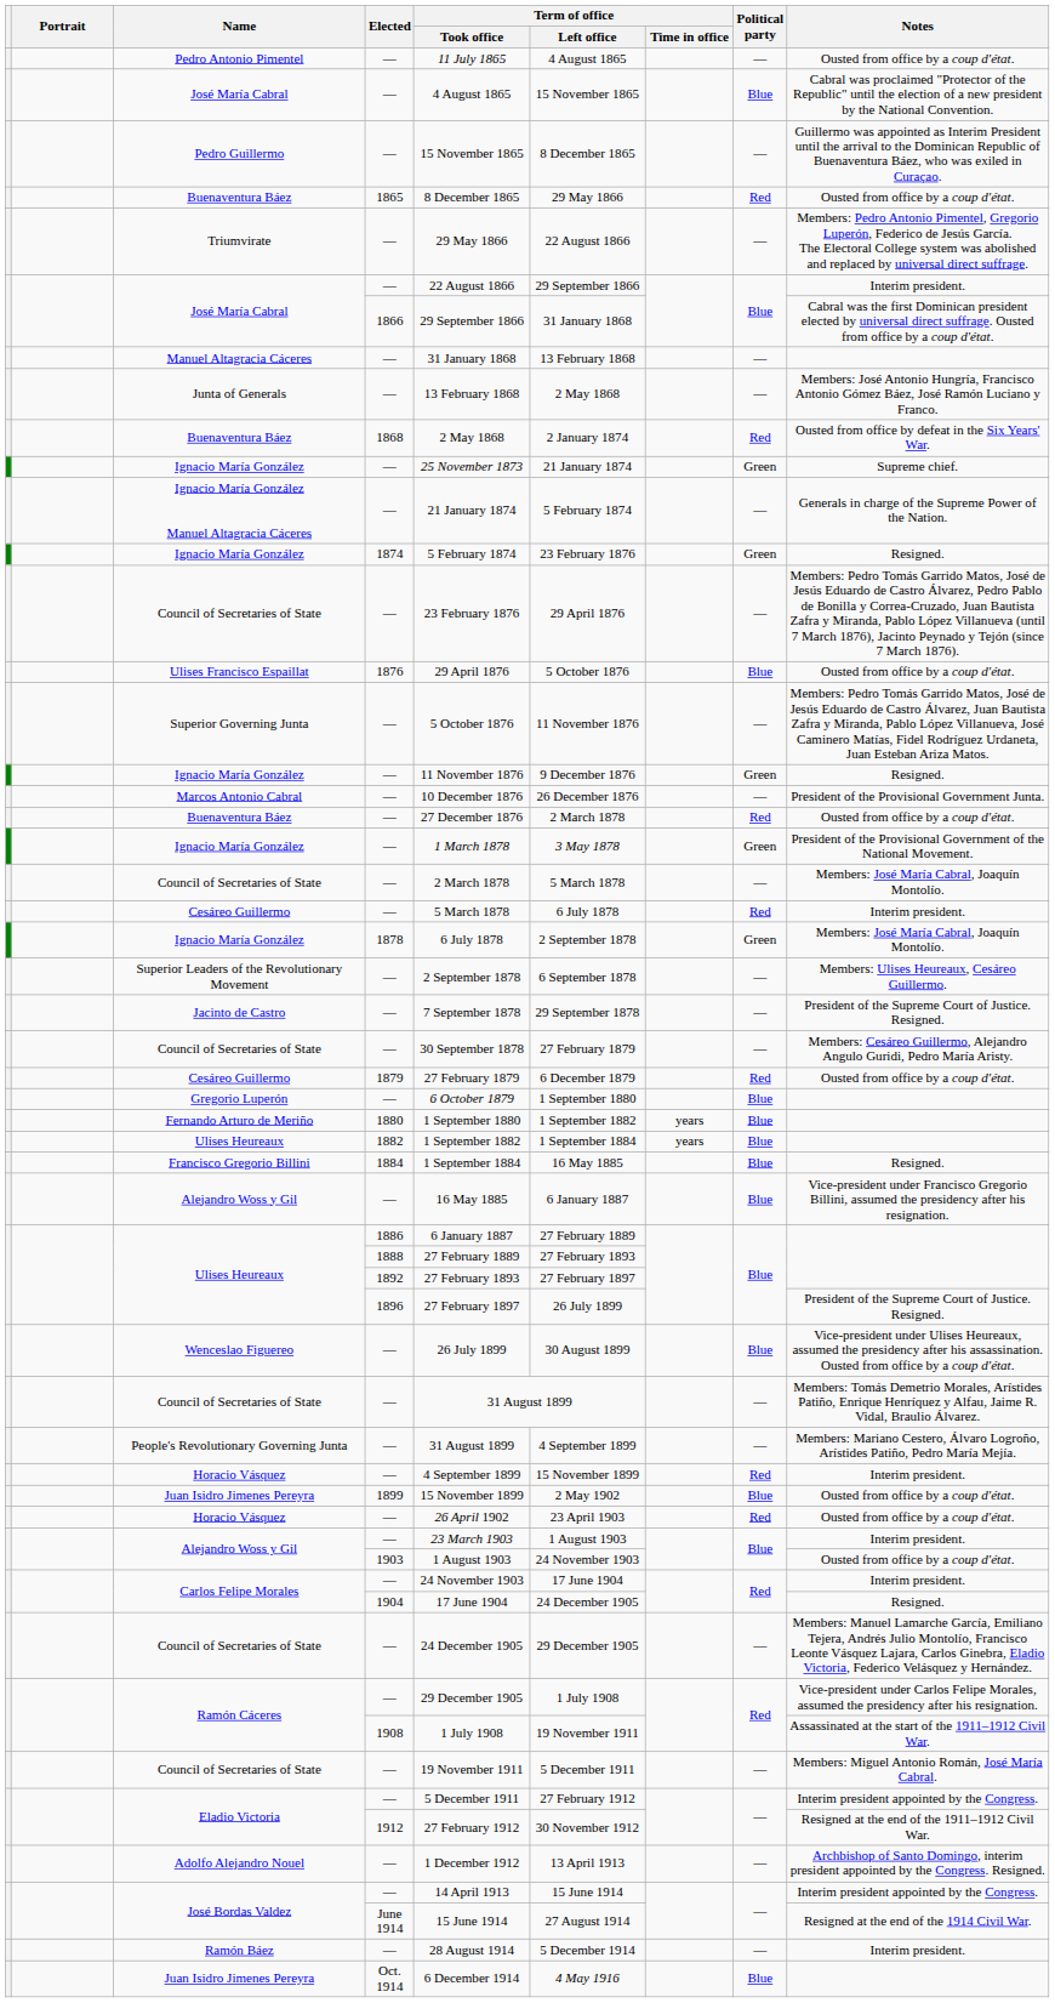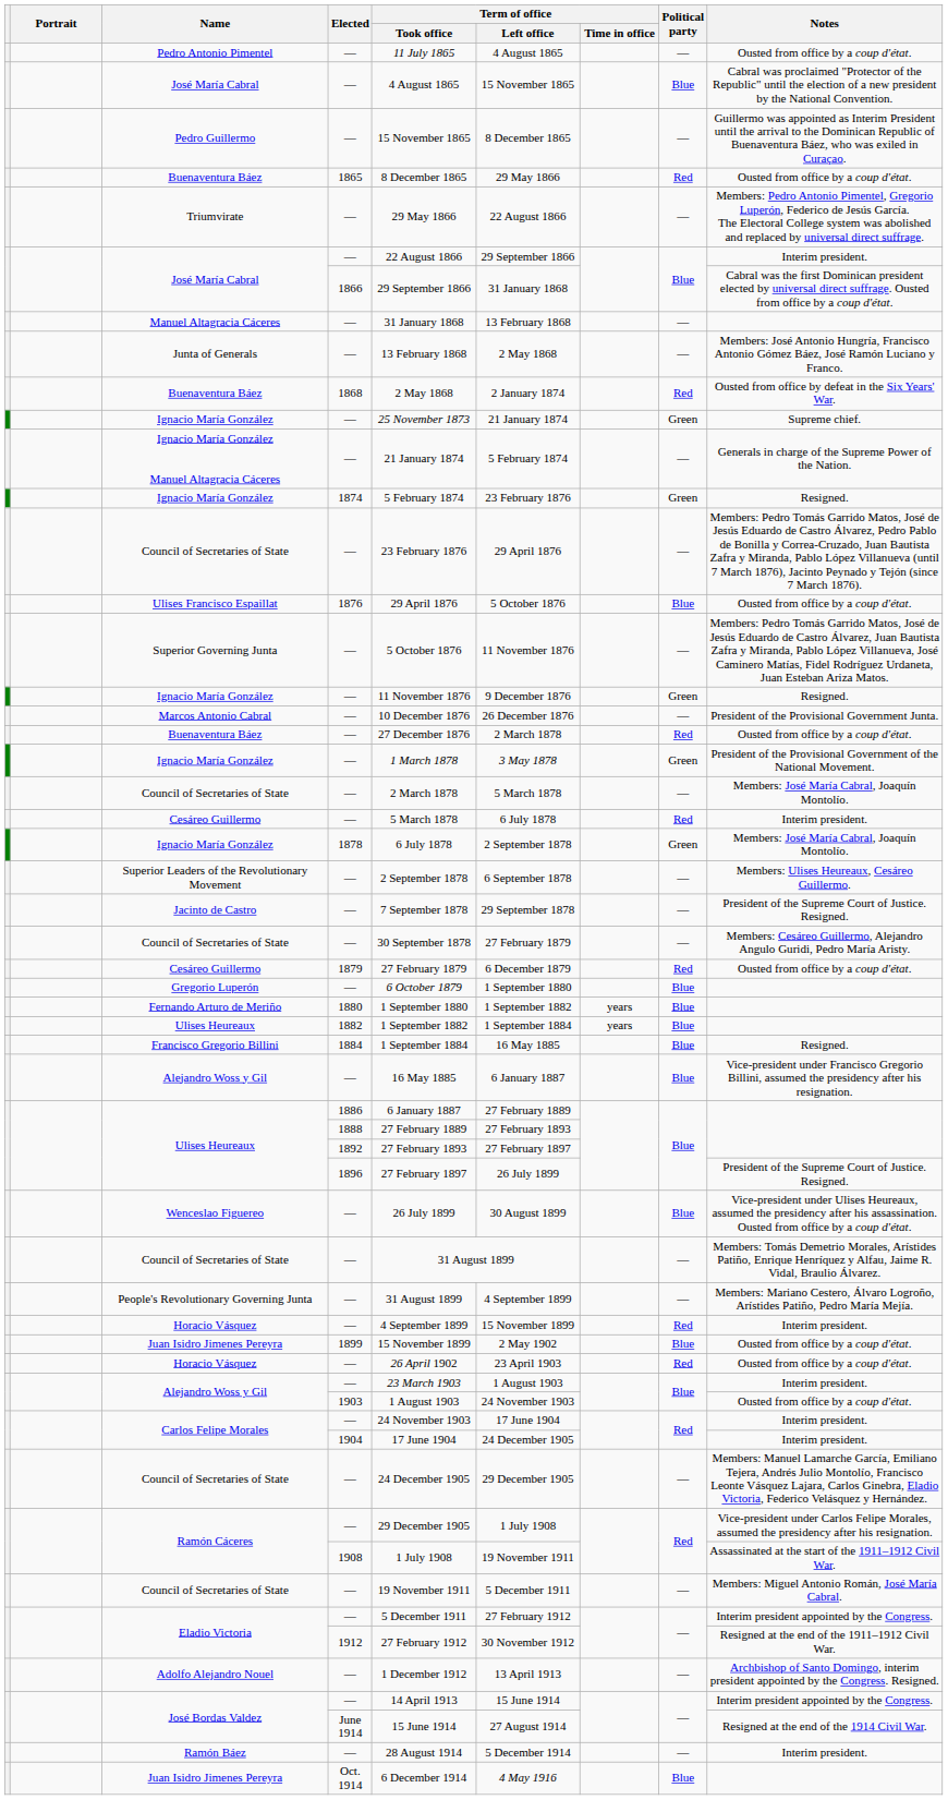 <table class="wikitable" style="text-align:center">
 <tr>
 <th rowspan="2"></th>
 <th rowspan="2" width="10%">Portrait</th>
 <th rowspan="2" width="25%">Name<br></th>
 <th rowspan="2">Elected</th>
 <th colspan="3" width="31.4%">Term of office</th>
 <th rowspan="2">Political<br>party</th>
 <th rowspan="2" width="26%">Notes</th>
 </tr>
 <tr>
 <th>Took office</th>
 <th>Left office</th>
 <th>Time in office</th>
 </tr>
 <tr>
 <th style="background:"></th>
 <td></td>
 <td><a href='#'>Pedro Antonio Pimentel</a><br></td>
 <td>—</td>
 <td><em>11 July 1865</em></td>
 <td>4 August 1865</td>
 <td></td>
 <td>—</td>
 <td>Ousted from office by a <em>coup d'état</em>.</td>
 </tr>
 <tr>
 <th style="background:"></th>
 <td></td>
 <td><a href='#'>José María Cabral</a><br></td>
 <td>—</td>
 <td>4 August 1865</td>
 <td>15 November 1865</td>
 <td></td>
 <td><a href='#'>Blue</a></td>
 <td>Cabral was proclaimed "Protector of the Republic" until the election of a new president by the National Convention.</td>
 </tr>
 <tr>
 <th style="background:"></th>
 <td></td>
 <td><a href='#'>Pedro Guillermo</a><br></td>
 <td>—</td>
 <td>15 November 1865</td>
 <td>8 December 1865</td>
 <td></td>
 <td>—</td>
 <td>Guillermo was appointed as Interim President until the arrival to the Dominican Republic of Buenaventura Báez, who was exiled in <a href='#'>Curaçao</a>.</td>
 </tr>
 <tr>
 <th style="background:"></th>
 <td></td>
 <td><a href='#'>Buenaventura Báez</a><br></td>
 <td>1865</td>
 <td>8 December 1865</td>
 <td>29 May 1866</td>
 <td></td>
 <td><a href='#'>Red</a></td>
 <td>Ousted from office by a <em>coup d'état</em>.</td>
 </tr>
 <tr>
 <th style="background:"></th>
 <td><br> </td>
 <td>Triumvirate</td>
 <td>—</td>
 <td>29 May 1866</td>
 <td>22 August 1866</td>
 <td></td>
 <td>—</td>
 <td>Members: <a href='#'>Pedro Antonio Pimentel</a>, <a href='#'>Gregorio Luperón</a>, Federico de Jesús García. <br> The Electoral College system was abolished and replaced by <a href='#'>universal direct suffrage</a>.</td>
 </tr>
 <tr>
 <th rowspan="2" style="background:"></th>
 <td rowspan="2"></td>
 <td rowspan="2"><a href='#'>José María Cabral</a><br></td>
 <td>—</td>
 <td>22 August 1866</td>
 <td>29 September 1866</td>
 <td rowspan="2"></td>
 <td rowspan="2"><a href='#'>Blue</a></td>
 <td>Interim president.</td>
 </tr>
 <tr>
 <td>1866</td>
 <td>29 September 1866</td>
 <td>31 January 1868</td>
 <td>Cabral was the first Dominican president elected by <a href='#'>universal direct suffrage</a>. Ousted from office by a <em>coup d'état</em>.</td>
 </tr>
 <tr>
 <th style="background:"></th>
 <td></td>
 <td><a href='#'>Manuel Altagracia Cáceres</a><br></td>
 <td>—</td>
 <td>31 January 1868</td>
 <td>13 February 1868</td>
 <td></td>
 <td>—</td>
 <td></td>
 </tr>
 <tr>
 <th style="background:"></th>
 <td></td>
 <td>Junta of Generals</td>
 <td>—</td>
 <td>13 February 1868</td>
 <td>2 May 1868</td>
 <td></td>
 <td>—</td>
 <td>Members: José Antonio Hungría, Francisco Antonio Gómez Báez, José Ramón Luciano y Franco.</td>
 </tr>
 <tr>
 <th style="background:"></th>
 <td></td>
 <td><a href='#'>Buenaventura Báez</a><br></td>
 <td>1868</td>
 <td>2 May 1868</td>
 <td>2 January 1874</td>
 <td></td>
 <td><a href='#'>Red</a></td>
 <td>Ousted from office by defeat in the <a href='#'>Six Years' War</a>.</td>
 </tr>
 <tr>
 <th style="background:Green"></th>
 <td></td>
 <td><a href='#'>Ignacio María González</a><br></td>
 <td>—</td>
 <td><em>25 November 1873</em></td>
 <td>21 January 1874</td>
 <td></td>
 <td>Green</td>
 <td>Supreme chief.</td>
 </tr>
 <tr>
 <th style="background:"></th>
 <td><br></td>
 <td><a href='#'>Ignacio María González</a><br><br><br><a href='#'>Manuel Altagracia Cáceres</a><br></td>
 <td>—</td>
 <td>21 January 1874</td>
 <td>5 February 1874</td>
 <td></td>
 <td>—</td>
 <td>Generals in charge of the Supreme Power of the Nation.</td>
 </tr>
 <tr>
 <th style="background:Green"></th>
 <td></td>
 <td><a href='#'>Ignacio María González</a><br></td>
 <td>1874</td>
 <td>5 February 1874</td>
 <td>23 February 1876</td>
 <td></td>
 <td>Green</td>
 <td>Resigned.</td>
 </tr>
 <tr>
 <th style="background:"></th>
 <td></td>
 <td>Council of Secretaries of State</td>
 <td>—</td>
 <td>23 February 1876</td>
 <td>29 April 1876</td>
 <td></td>
 <td>—</td>
 <td>Members: Pedro Tomás Garrido Matos, José de Jesús Eduardo de Castro Álvarez, Pedro Pablo de Bonilla y Correa-Cruzado, Juan Bautista Zafra y Miranda, Pablo López Villanueva (until 7 March 1876), Jacinto Peynado y Tejón (since 7 March 1876).</td>
 </tr>
 <tr>
 <th style="background:"></th>
 <td></td>
 <td><a href='#'>Ulises Francisco Espaillat</a><br></td>
 <td>1876</td>
 <td>29 April 1876</td>
 <td>5 October 1876</td>
 <td></td>
 <td><a href='#'>Blue</a></td>
 <td>Ousted from office by a <em>coup d'état</em>.</td>
 </tr>
 <tr>
 <th style="background:"></th>
 <td></td>
 <td>Superior Governing Junta</td>
 <td>—</td>
 <td>5 October 1876</td>
 <td>11 November 1876</td>
 <td></td>
 <td>—</td>
 <td>Members: Pedro Tomás Garrido Matos, José de Jesús Eduardo de Castro Álvarez, Juan Bautista Zafra y Miranda, Pablo López Villanueva, José Caminero Matías, Fidel Rodríguez Urdaneta, Juan Esteban Ariza Matos.</td>
 </tr>
 <tr>
 <th style="background:Green"></th>
 <td></td>
 <td><a href='#'>Ignacio María González</a><br></td>
 <td>—</td>
 <td>11 November 1876</td>
 <td>9 December 1876</td>
 <td></td>
 <td>Green</td>
 <td>Resigned.</td>
 </tr>
 <tr>
 <th style="background:"></th>
 <td></td>
 <td><a href='#'>Marcos Antonio Cabral</a><br></td>
 <td>—</td>
 <td>10 December 1876</td>
 <td>26 December 1876</td>
 <td></td>
 <td>—</td>
 <td>President of the Provisional Government Junta.</td>
 </tr>
 <tr>
 <th style="background:"></th>
 <td></td>
 <td><a href='#'>Buenaventura Báez</a><br></td>
 <td>—</td>
 <td>27 December 1876</td>
 <td>2 March 1878</td>
 <td></td>
 <td><a href='#'>Red</a></td>
 <td>Ousted from office by a <em>coup d'état</em>.</td>
 </tr>
 <tr>
 <th style="background:Green"></th>
 <td></td>
 <td><a href='#'>Ignacio María González</a><br></td>
 <td>—</td>
 <td><em>1 March 1878</em></td>
 <td><em>3 May 1878</em></td>
 <td></td>
 <td>Green</td>
 <td>President of the Provisional Government of the National Movement.</td>
 </tr>
 <tr>
 <th style="background:"></th>
 <td></td>
 <td>Council of Secretaries of State</td>
 <td>—</td>
 <td>2 March 1878</td>
 <td>5 March 1878</td>
 <td></td>
 <td>—</td>
 <td>Members: <a href='#'>José María Cabral</a>, Joaquín Montolío.</td>
 </tr>
 <tr>
 <th style="background:"></th>
 <td></td>
 <td><a href='#'>Cesáreo Guillermo</a><br></td>
 <td>—</td>
 <td>5 March 1878</td>
 <td>6 July 1878</td>
 <td></td>
 <td><a href='#'>Red</a></td>
 <td>Interim president.</td>
 </tr>
 <tr>
 <th style="background:Green"></th>
 <td></td>
 <td><a href='#'>Ignacio María González</a><br></td>
 <td>1878</td>
 <td>6 July 1878</td>
 <td>2 September 1878</td>
 <td></td>
 <td>Green</td>
 <td>Members: <a href='#'>José María Cabral</a>, Joaquín Montolío.</td>
 </tr>
 <tr>
 <th style="background:"></th>
 <td><br></td>
 <td>Superior Leaders of the Revolutionary Movement</td>
 <td>—</td>
 <td>2 September 1878</td>
 <td>6 September 1878</td>
 <td></td>
 <td>—</td>
 <td>Members: <a href='#'>Ulises Heureaux</a>, <a href='#'>Cesáreo Guillermo</a>.</td>
 </tr>
 <tr>
 <th style="background:"></th>
 <td></td>
 <td><a href='#'>Jacinto de Castro</a><br></td>
 <td>—</td>
 <td>7 September 1878</td>
 <td>29 September 1878</td>
 <td></td>
 <td>—</td>
 <td>President of the Supreme Court of Justice. Resigned.</td>
 </tr>
 <tr>
 <th style="background:"></th>
 <td><br> </td>
 <td>Council of Secretaries of State</td>
 <td>—</td>
 <td>30 September 1878</td>
 <td>27 February 1879</td>
 <td></td>
 <td>—</td>
 <td>Members: <a href='#'>Cesáreo Guillermo</a>, Alejandro Angulo Guridi, Pedro María Aristy.</td>
 </tr>
 <tr>
 <th style="background:"></th>
 <td></td>
 <td><a href='#'>Cesáreo Guillermo</a><br></td>
 <td>1879</td>
 <td>27 February 1879</td>
 <td>6 December 1879</td>
 <td></td>
 <td><a href='#'>Red</a></td>
 <td>Ousted from office by a <em>coup d'état</em>.</td>
 </tr>
 <tr>
 <th style="background:"></th>
 <td></td>
 <td><a href='#'>Gregorio Luperón</a><br></td>
 <td>—</td>
 <td><em>6 October 1879</em></td>
 <td>1 September 1880</td>
 <td></td>
 <td><a href='#'>Blue</a></td>
 <td></td>
 </tr>
 <tr>
 <th style="background:"></th>
 <td></td>
 <td><a href='#'>Fernando Arturo de Meriño</a><br></td>
 <td>1880</td>
 <td>1 September 1880</td>
 <td>1 September 1882</td>
 <td> years</td>
 <td><a href='#'>Blue</a></td>
 <td></td>
 </tr>
 <tr>
 <th style="background:"></th>
 <td></td>
 <td><a href='#'>Ulises Heureaux</a><br></td>
 <td>1882</td>
 <td>1 September 1882</td>
 <td>1 September 1884</td>
 <td> years</td>
 <td><a href='#'>Blue</a></td>
 <td></td>
 </tr>
 <tr>
 <th style="background:"></th>
 <td></td>
 <td><a href='#'>Francisco Gregorio Billini</a><br></td>
 <td>1884</td>
 <td>1 September 1884</td>
 <td>16 May 1885</td>
 <td></td>
 <td><a href='#'>Blue</a></td>
 <td>Resigned.</td>
 </tr>
 <tr>
 <th style="background:"></th>
 <td></td>
 <td><a href='#'>Alejandro Woss y Gil</a><br></td>
 <td>—</td>
 <td>16 May 1885</td>
 <td>6 January 1887</td>
 <td></td>
 <td><a href='#'>Blue</a></td>
 <td>Vice-president under Francisco Gregorio Billini, assumed the presidency after his resignation.</td>
 </tr>
 <tr>
 <th rowspan="4" style="background:"></th>
 <td rowspan="4"></td>
 <td rowspan="4"><a href='#'>Ulises Heureaux</a><br></td>
 <td>1886</td>
 <td>6 January 1887</td>
 <td>27 February 1889</td>
 <td rowspan="4"></td>
 <td rowspan="4"><a href='#'>Blue</a></td>
 <td rowspan="3"></td>
 </tr>
 <tr>
 <td>1888</td>
 <td>27 February 1889</td>
 <td>27 February 1893</td>
 </tr>
 <tr>
 <td>1892</td>
 <td>27 February 1893</td>
 <td>27 February 1897</td>
 </tr>
 <tr>
 <td>1896</td>
 <td>27 February 1897</td>
 <td>26 July 1899</td>
 <td>President of the Supreme Court of Justice. Resigned.</td>
 </tr>
 <tr>
 <th style="background:"></th>
 <td></td>
 <td><a href='#'>Wenceslao Figuereo</a><br></td>
 <td>—</td>
 <td>26 July 1899</td>
 <td>30 August 1899</td>
 <td></td>
 <td><a href='#'>Blue</a></td>
 <td>Vice-president under Ulises Heureaux, assumed the presidency after his assassination. Ousted from office by a <em>coup d'état</em>.</td>
 </tr>
 <tr>
 <th style="background:"></th>
 <td></td>
 <td>Council of Secretaries of State</td>
 <td>—</td>
 <td colspan="2">31 August 1899</td>
 <td></td>
 <td>—</td>
 <td>Members: Tomás Demetrio Morales, Arístides Patiño, Enrique Henríquez y Alfau, Jaime R. Vidal, Braulio Álvarez.</td>
 </tr>
 <tr>
 <th style="background:"></th>
 <td></td>
 <td>People's Revolutionary Governing Junta</td>
 <td>—</td>
 <td>31 August 1899</td>
 <td>4 September 1899</td>
 <td></td>
 <td>—</td>
 <td>Members: Mariano Cestero, Álvaro Logroño, Arístides Patiño, Pedro María Mejía.</td>
 </tr>
 <tr>
 <th style="background:"></th>
 <td></td>
 <td><a href='#'>Horacio Vásquez</a><br></td>
 <td>—</td>
 <td>4 September 1899</td>
 <td>15 November 1899</td>
 <td></td>
 <td><a href='#'>Red</a></td>
 <td>Interim president.</td>
 </tr>
 <tr>
 <th style="background:"></th>
 <td></td>
 <td><a href='#'>Juan Isidro Jimenes Pereyra</a><br></td>
 <td>1899</td>
 <td>15 November 1899</td>
 <td>2 May 1902</td>
 <td></td>
 <td><a href='#'>Blue</a></td>
 <td>Ousted from office by a <em>coup d'état</em>.</td>
 </tr>
 <tr>
 <th style="background:"></th>
 <td></td>
 <td><a href='#'>Horacio Vásquez</a><br></td>
 <td>—</td>
 <td><em>26 April</em> 1902</td>
 <td>23 April 1903</td>
 <td></td>
 <td><a href='#'>Red</a></td>
 <td>Ousted from office by a <em>coup d'état</em>.</td>
 </tr>
 <tr>
 <th rowspan="2" style="background:"></th>
 <td rowspan="2"></td>
 <td rowspan="2"><a href='#'>Alejandro Woss y Gil</a><br></td>
 <td>—</td>
 <td><em>23 March 1903</em></td>
 <td>1 August 1903</td>
 <td rowspan="2"></td>
 <td rowspan="2"><a href='#'>Blue</a></td>
 <td>Interim president.</td>
 </tr>
 <tr>
 <td>1903</td>
 <td>1 August 1903</td>
 <td>24 November 1903</td>
 <td>Ousted from office by a <em>coup d'état</em>.</td>
 </tr>
 <tr>
 <th rowspan="2" style="background:"></th>
 <td rowspan="2"></td>
 <td rowspan="2"><a href='#'>Carlos Felipe Morales</a><br></td>
 <td>—</td>
 <td>24 November 1903</td>
 <td>17 June 1904</td>
 <td rowspan="2"></td>
 <td rowspan="2"><a href='#'>Red</a></td>
 <td>Interim president.</td>
 </tr>
 <tr>
 <td>1904</td>
 <td>17 June 1904</td>
 <td>24 December 1905</td>
-<td>Resigned.</td>
+<td>Interim president.</td>
 </tr>
 <tr>
 <th style="background:"></th>
 <td></td>
 <td>Council of Secretaries of State</td>
 <td>—</td>
 <td>24 December 1905</td>
 <td>29 December 1905</td>
 <td></td>
 <td>—</td>
 <td>Members: Manuel Lamarche García, Emiliano Tejera, Andrés Julio Montolío, Francisco Leonte Vásquez Lajara, Carlos Ginebra, <a href='#'>Eladio Victoria</a>, Federico Velásquez y Hernández.</td>
 </tr>
 <tr>
 <th rowspan="2" style="background:"></th>
 <td rowspan="2"></td>
 <td rowspan="2"><a href='#'>Ramón Cáceres</a><br></td>
 <td>—</td>
 <td>29 December 1905</td>
 <td>1 July 1908</td>
 <td rowspan="2"></td>
 <td rowspan="2"><a href='#'>Red</a></td>
 <td>Vice-president under Carlos Felipe Morales, assumed the presidency after his resignation.</td>
 </tr>
 <tr>
 <td>1908</td>
 <td>1 July 1908</td>
 <td>19 November 1911</td>
 <td>Assassinated at the start of the <a href='#'>1911–1912 Civil War</a>.</td>
 </tr>
 <tr>
 <th style="background:"></th>
 <td></td>
 <td>Council of Secretaries of State</td>
 <td>—</td>
 <td>19 November 1911</td>
 <td>5 December 1911</td>
 <td></td>
 <td>—</td>
 <td>Members: Miguel Antonio Román, <a href='#'>José María Cabral</a>.</td>
 </tr>
 <tr>
 <th rowspan="2" style="background:"></th>
 <td rowspan="2"></td>
 <td rowspan="2"><a href='#'>Eladio Victoria</a><br></td>
 <td>—</td>
 <td>5 December 1911</td>
 <td>27 February 1912</td>
 <td rowspan="2"></td>
 <td rowspan="2">—</td>
 <td>Interim president appointed by the <a href='#'>Congress</a>.</td>
 </tr>
 <tr>
 <td>1912</td>
 <td>27 February 1912</td>
 <td>30 November 1912</td>
 <td>Resigned at the end of the 1911–1912 Civil War.</td>
 </tr>
 <tr>
 <th style="background:"></th>
 <td></td>
 <td><a href='#'>Adolfo Alejandro Nouel</a><br></td>
 <td>—</td>
 <td>1 December 1912</td>
 <td>13 April 1913</td>
 <td></td>
 <td>—</td>
 <td><a href='#'>Archbishop of Santo Domingo</a>, interim president appointed by the <a href='#'>Congress</a>. Resigned.</td>
 </tr>
 <tr>
 <th rowspan="2" style="background:"></th>
 <td rowspan="2"></td>
 <td rowspan="2"><a href='#'>José Bordas Valdez</a><br></td>
 <td>—</td>
 <td>14 April 1913</td>
 <td>15 June 1914</td>
 <td rowspan="2"></td>
 <td rowspan="2">—</td>
 <td>Interim president appointed by the <a href='#'>Congress</a>.</td>
 </tr>
 <tr>
 <td>June<br>1914</td>
 <td>15 June 1914</td>
 <td>27 August 1914</td>
 <td>Resigned at the end of the <a href='#'>1914 Civil War</a>.</td>
 </tr>
 <tr>
 <th style="background:"></th>
 <td></td>
 <td><a href='#'>Ramón Báez</a><br></td>
 <td>—</td>
 <td>28 August 1914</td>
 <td>5 December 1914</td>
 <td></td>
 <td>—</td>
 <td>Interim president.</td>
 </tr>
 <tr>
 <th style="background:"></th>
 <td></td>
 <td><a href='#'>Juan Isidro Jimenes Pereyra</a><br></td>
 <td>Oct.<br>1914</td>
 <td>6 December 1914</td>
 <td><em>4 May 1916</em></td>
 <td></td>
 <td><a href='#'>Blue</a></td>
 <td></td>
 </tr>
 </table>
